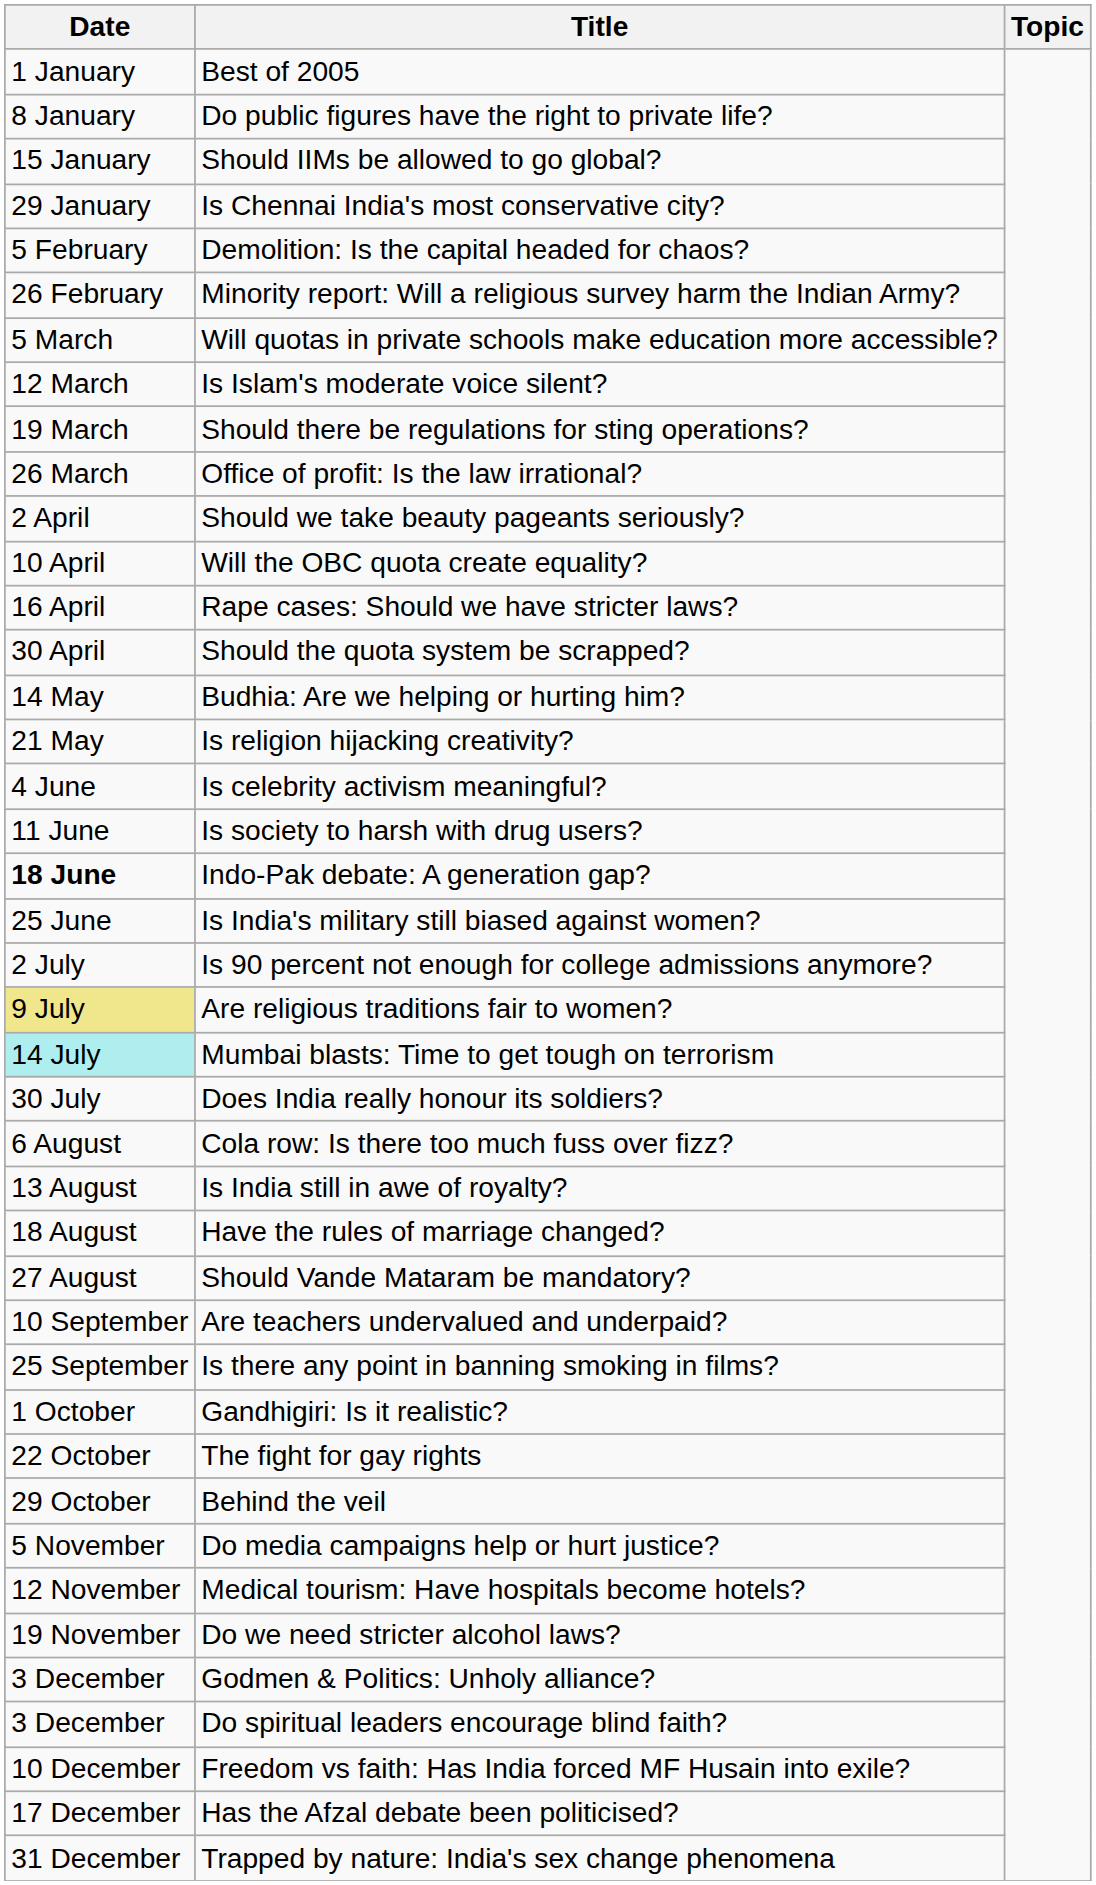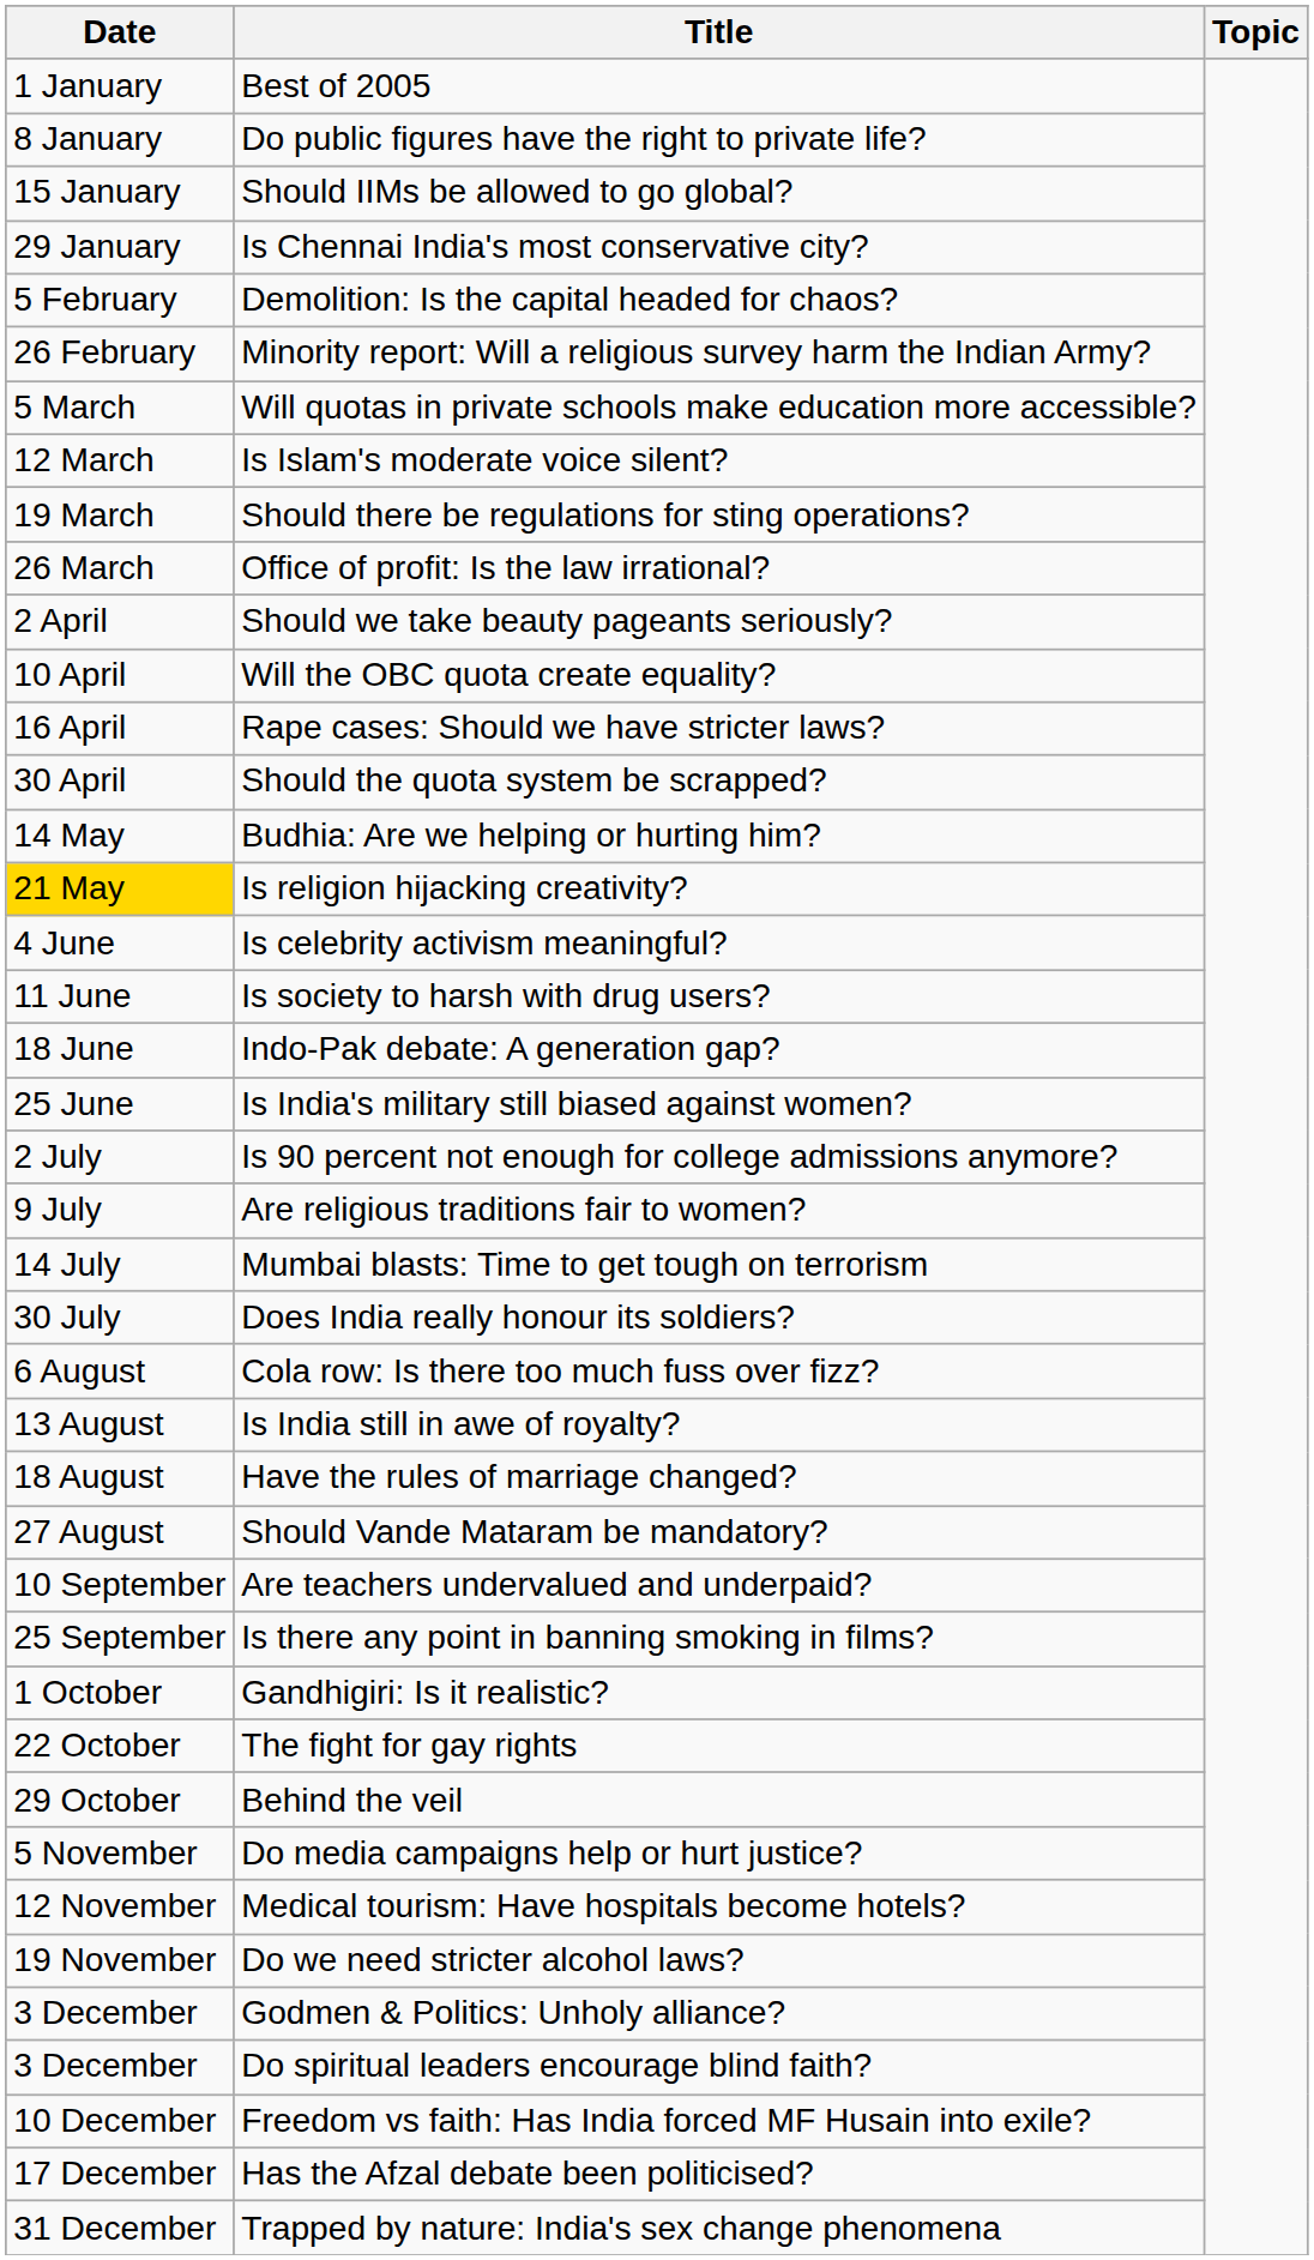 <table class="wikitable">
 <tr>
 <th scope="col">Date</th>
 <th scope="col">Title</th>
 <th scope="col">Topic</th>
 </tr>
 <tr>
 <td>1 January</td>
 <td>Best of 2005</td>
 </tr>
 <tr>
 <td>8 January</td>
 <td>Do public figures have the right to private life?</td>
 </tr>
 <tr>
 <td>15 January</td>
 <td>Should IIMs be allowed to go global?</td>
 </tr>
 <tr>
 <td>29 January</td>
 <td>Is Chennai India's most conservative city?</td>
 </tr>
 <tr>
 <td>5 February</td>
 <td>Demolition: Is the capital headed for chaos?</td>
 </tr>
 <tr>
 <td>26 February</td>
 <td>Minority report: Will a religious survey harm the Indian Army?</td>
 </tr>
 <tr>
 <td>5 March</td>
 <td>Will quotas in private schools make education more accessible?</td>
 </tr>
 <tr>
 <td>12 March</td>
 <td>Is Islam's moderate voice silent?</td>
 </tr>
 <tr>
 <td>19 March</td>
 <td>Should there be regulations for sting operations?</td>
 </tr>
 <tr>
 <td>26 March</td>
 <td>Office of profit: Is the law irrational?</td>
 </tr>
 <tr>
 <td>2 April</td>
 <td>Should we take beauty pageants seriously?</td>
 </tr>
 <tr>
 <td>10 April</td>
 <td>Will the OBC quota create equality?</td>
 </tr>
 <tr>
 <td>16 April</td>
 <td>Rape cases: Should we have stricter laws?</td>
 </tr>
 <tr>
 <td>30 April</td>
 <td>Should the quota system be scrapped?</td>
 </tr>
 <tr>
 <td>14 May</td>
 <td>Budhia: Are we helping or hurting him?</td>
 </tr>
 <tr>
-<td>21 May</td>
+<td style="background: gold;">21 May</td>
 <td>Is religion hijacking creativity?</td>
 </tr>
 <tr>
 <td>4 June</td>
 <td>Is celebrity activism meaningful?</td>
 </tr>
 <tr>
 <td>11 June</td>
 <td>Is society to harsh with drug users?</td>
 </tr>
 <tr>
-<td><strong>18 June</strong></td>
+<td>18 June</td>
 <td>Indo-Pak debate: A generation gap?</td>
 </tr>
 <tr>
 <td>25 June</td>
 <td>Is India's military still biased against women?</td>
 </tr>
 <tr>
 <td>2 July</td>
 <td>Is 90 percent not enough for college admissions anymore?</td>
 </tr>
 <tr>
-<td style="background: khaki;">9 July</td>
+<td>9 July</td>
 <td>Are religious traditions fair to women?</td>
 </tr>
 <tr>
-<td style="background: paleturquoise;">14 July</td>
+<td>14 July</td>
 <td>Mumbai blasts: Time to get tough on terrorism</td>
 </tr>
 <tr>
 <td>30 July</td>
 <td>Does India really honour its soldiers?</td>
 </tr>
 <tr>
 <td>6 August</td>
 <td>Cola row: Is there too much fuss over fizz?</td>
 </tr>
 <tr>
 <td>13 August</td>
 <td>Is India still in awe of royalty?</td>
 </tr>
 <tr>
 <td>18 August</td>
 <td>Have the rules of marriage changed?</td>
 </tr>
 <tr>
 <td>27 August</td>
 <td>Should Vande Mataram be mandatory?</td>
 </tr>
 <tr>
 <td>10 September</td>
 <td>Are teachers undervalued and underpaid?</td>
 </tr>
 <tr>
 <td>25 September</td>
 <td>Is there any point in banning smoking in films?</td>
 </tr>
 <tr>
 <td>1 October</td>
 <td>Gandhigiri: Is it realistic?</td>
 </tr>
 <tr>
 <td>22 October</td>
 <td>The fight for gay rights</td>
 </tr>
 <tr>
 <td>29 October</td>
 <td>Behind the veil</td>
 </tr>
 <tr>
 <td>5 November</td>
 <td>Do media campaigns help or hurt justice?</td>
 </tr>
 <tr>
 <td>12 November</td>
 <td>Medical tourism: Have hospitals become hotels?</td>
 </tr>
 <tr>
 <td>19 November</td>
 <td>Do we need stricter alcohol laws?</td>
 </tr>
 <tr>
 <td>3 December</td>
 <td>Godmen & Politics: Unholy alliance?</td>
 </tr>
 <tr>
 <td>3 December</td>
 <td>Do spiritual leaders encourage blind faith?</td>
 </tr>
 <tr>
 <td>10 December</td>
 <td>Freedom vs faith: Has India forced MF Husain into exile?</td>
 </tr>
 <tr>
 <td>17 December</td>
 <td>Has the Afzal debate been politicised?</td>
 </tr>
 <tr>
 <td>31 December</td>
 <td>Trapped by nature: India's sex change phenomena</td>
 </tr>
 </table>
